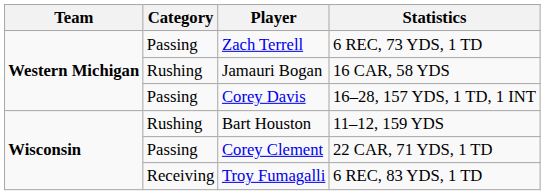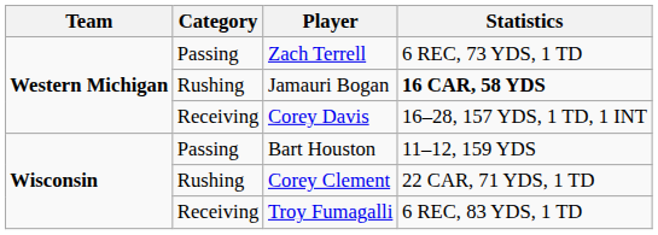 <table class="wikitable">
 <tr>
 <th>Team</th>
 <th>Category</th>
 <th>Player</th>
 <th>Statistics</th>
 </tr>
 <tr>
 <td rowspan=3><strong>Western Michigan</strong></td>
 <td>Passing</td>
 <td><a href='#'>Zach Terrell</a></td>
 <td>6 REC, 73 YDS, 1 TD</td>
 </tr>
 <tr>
 <td>Rushing</td>
 <td>Jamauri Bogan</td>
-<td>16 CAR, 58 YDS</td>
+<td><strong>16 CAR, 58 YDS</strong></td>
 </tr>
 <tr>
-<td>Passing</td>
+<td>Receiving</td>
 <td><a href='#'>Corey Davis</a></td>
 <td>16–28, 157 YDS, 1 TD, 1 INT</td>
 </tr>
 <tr>
 <td rowspan=3><strong>Wisconsin</strong></td>
-<td>Rushing</td>
+<td>Passing</td>
 <td>Bart Houston</td>
 <td>11–12, 159 YDS</td>
 </tr>
 <tr>
-<td>Passing</td>
+<td>Rushing</td>
 <td><a href='#'>Corey Clement</a></td>
 <td>22 CAR, 71 YDS, 1 TD</td>
 </tr>
 <tr>
 <td>Receiving</td>
 <td><a href='#'>Troy Fumagalli</a></td>
 <td>6 REC, 83 YDS, 1 TD</td>
 </tr>
 </table>
